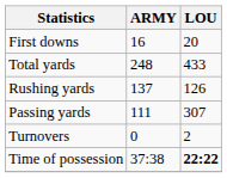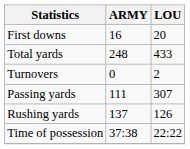 <table class="wikitable" style="float: left;">
 <tr>
 <th>Statistics</th>
 <th>ARMY</th>
 <th>LOU</th>
 </tr>
 <tr>
 <td>First downs</td>
 <td>16</td>
 <td>20</td>
 </tr>
 <tr>
 <td>Total yards</td>
 <td>248</td>
 <td>433</td>
 </tr>
 <tr>
-<td>Rushing yards</td>
-<td>137</td>
-<td>126</td>
+<td>Turnovers</td>
+<td>0</td>
+<td>2</td>
 </tr>
 <tr>
 <td>Passing yards</td>
 <td>111</td>
 <td>307</td>
 </tr>
 <tr>
-<td>Turnovers</td>
-<td>0</td>
-<td>2</td>
+<td>Rushing yards</td>
+<td>137</td>
+<td>126</td>
 </tr>
 <tr>
 <td>Time of possession</td>
 <td>37:38</td>
-<td><strong>22:22</strong></td>
+<td>22:22</td>
 </tr>
 <tr>
 </tr>
 </table>
